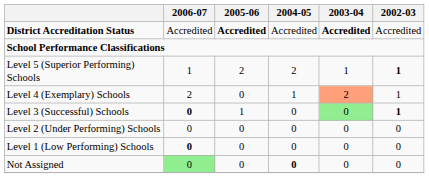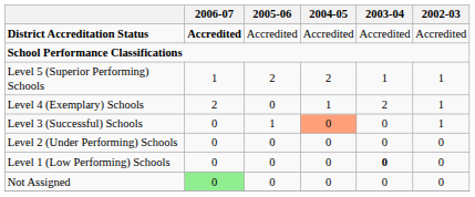 <table class="wikitable" style="font-size: 95%;">
 <tr>
 <th></th>
 <th>2006-07</th>
 <th>2005-06</th>
 <th>2004-05</th>
 <th>2003-04</th>
 <th>2002-03</th>
 </tr>
 <tr>
 <td align="left"><strong>District Accreditation Status</strong></td>
-<td align="center">Accredited</td>
 <td align="center"><strong>Accredited</strong></td>
 <td align="center">Accredited</td>
-<td align="center"><strong>Accredited</strong></td>
+<td align="center">Accredited</td>
+<td align="center">Accredited</td>
 <td align="center">Accredited</td>
 </tr>
 <tr>
 <td align="left" colspan="6"><strong>School Performance Classifications</strong></td>
 </tr>
 <tr>
 <td align="left">Level 5 (Superior Performing) Schools</td>
 <td align="center">1</td>
 <td align="center">2</td>
 <td align="center">2</td>
 <td align="center">1</td>
-<td align="center"><strong>1</strong></td>
+<td align="center">1</td>
 </tr>
 <tr>
 <td align="left">Level 4 (Exemplary) Schools</td>
 <td align="center">2</td>
 <td align="center">0</td>
 <td align="center">1</td>
-<td align="center" style="background: lightsalmon;">2</td>
+<td align="center">2</td>
 <td align="center">1</td>
 </tr>
 <tr>
 <td align="left">Level 3 (Successful) Schools</td>
-<td align="center"><strong>0</strong></td>
+<td align="center">0</td>
 <td align="center">1</td>
+<td align="center" style="background: lightsalmon;">0</td>
 <td align="center">0</td>
-<td align="center" style="background: lightgreen;">0</td>
-<td align="center"><strong>1</strong></td>
+<td align="center">1</td>
 </tr>
 <tr>
 <td align="left">Level 2 (Under Performing) Schools</td>
 <td align="center">0</td>
 <td align="center">0</td>
 <td align="center">0</td>
 <td align="center">0</td>
 <td align="center">0</td>
 </tr>
 <tr>
 <td align="left">Level 1 (Low Performing) Schools</td>
+<td align="center">0</td>
+<td align="center">0</td>
+<td align="center">0</td>
 <td align="center"><strong>0</strong></td>
+<td align="center">0</td>
+</tr>
+<tr>
+<td align="left">Not Assigned</td>
+<td align="center" style="background: lightgreen;">0</td>
 <td align="center">0</td>
 <td align="center">0</td>
 <td align="center">0</td>
 <td align="center">0</td>
 </tr>
 <tr>
-<td align="left">Not Assigned</td>
-<td align="center" style="background: lightgreen;">0</td>
-<td align="center">0</td>
-<td align="center"><strong>0</strong></td>
-<td align="center">0</td>
-<td align="center">0</td>
-</tr>
-<tr>
 </tr>
 </table>
